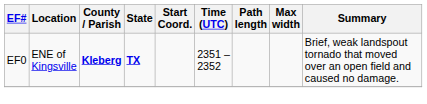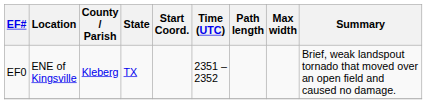 <table class="wikitable sortable" style="width:100%;">
 <tr>
 <th scope="col" width="3%" align="center"><a href='#'>EF#</a></th>
 <th scope="col" width="7%" align="center" class="unsortable">Location</th>
 <th scope="col" width="6%" align="center" class="unsortable">County / Parish</th>
 <th scope="col" width="5%" align="center">State</th>
 <th scope="col" width="6%" align="center">Start Coord.</th>
 <th scope="col" width="6%" align="center">Time (<a href='#'>UTC</a>)</th>
 <th scope="col" width="6%" align="center">Path length</th>
 <th scope="col" width="6%" align="center">Max width</th>
 <th scope="col" width="48%" class="unsortable" align="center">Summary</th>
 </tr>
 <tr>
 <td>EF0</td>
 <td>ENE of <a href='#'>Kingsville</a></td>
-<td><strong><a href='#'>Kleberg</a></strong></td>
-<td><strong><a href='#'>TX</a></strong></td>
+<td><a href='#'>Kleberg</a></td>
+<td><a href='#'>TX</a></td>
 <td></td>
 <td>2351 – 2352</td>
 <td></td>
 <td></td>
 <td>Brief, weak landspout tornado that moved over an open field and caused no damage.</td>
 </tr>
 <tr>
 </tr>
 </table>
